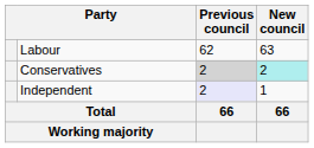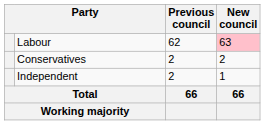 <table class="wikitable">
 <tr>
 <th valign=top colspan="2" style="width: 230px">Party</th>
 <th valign=top style="width: 30px">Previous council</th>
 <th valign=top style="width: 30px">New council</th>
 </tr>
 <tr>
 <th style="background-color: "></th>
 <td>Labour</td>
 <td>62</td>
-<td>63</td>
+<td style="background: pink;">63</td>
 </tr>
 <tr>
 <th style="background-color: "></th>
 <td>Conservatives</td>
-<td style="background: lightgrey;">2</td>
-<td style="background: paleturquoise;">2</td>
+<td>2</td>
+<td>2</td>
 </tr>
 <tr>
 <th style="background-color: "></th>
 <td>Independent</td>
-<td style="background: lavender;">2</td>
+<td>2</td>
 <td>1</td>
 </tr>
 <tr>
 <th colspan=2>Total</th>
 <th style="text-align: center">66</th>
 <th colspan=3>66</th>
 </tr>
 <tr>
 <th colspan=2>Working majority</th>
 <th></th>
 <th></th>
 </tr>
 </table>
